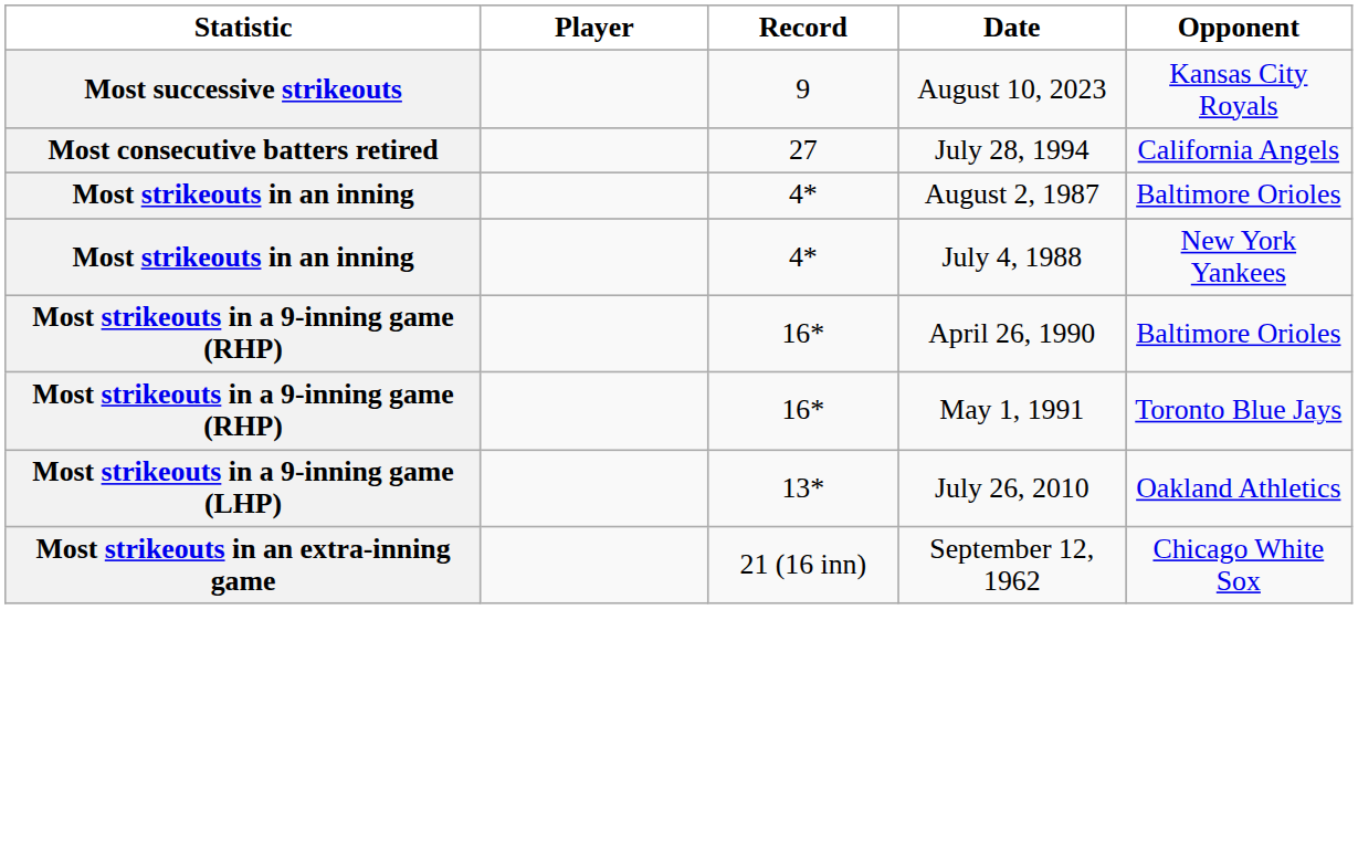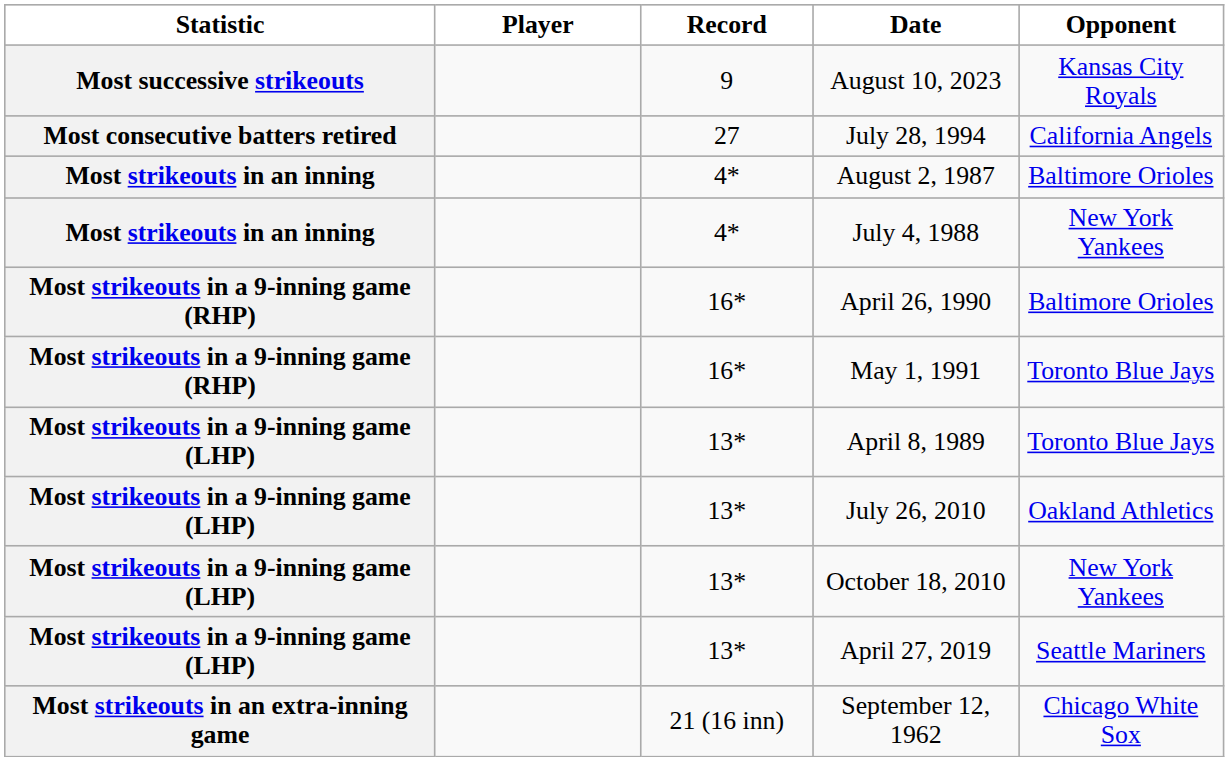 <table class="sortable wikitable plainrowheaders" style="text-align:center">
 <tr>
 <th width="260px" scope="col" style="background-color:#ffffff; border-top:#">Statistic</th>
 <th width="120px" scope="col" style="background-color:#ffffff; border-top:#">Player</th>
 <th width="100px" class="unsortable" scope="col" style="background-color:#ffffff; border-top:#">Record</th>
 <th width="120px" scope="col" style="background-color:#ffffff; border-top:#">Date</th>
 <th width="120px" scope="col" style="background-color:#ffffff; border-top:#">Opponent</th>
 </tr>
 <tr>
 <th scope="row" style="text-align:center">Most successive <a href='#'>strikeouts</a></th>
 <td></td>
 <td>9</td>
 <td>August 10, 2023</td>
 <td><a href='#'>Kansas City Royals</a></td>
 </tr>
 <tr>
 <th scope="row" style="text-align:center">Most consecutive batters retired</th>
 <td></td>
 <td>27</td>
 <td>July 28, 1994</td>
 <td><a href='#'>California Angels</a></td>
 </tr>
 <tr>
 <th scope="row" style="text-align:center">Most <a href='#'>strikeouts</a> in an inning</th>
 <td></td>
 <td>4*</td>
 <td>August 2, 1987</td>
 <td><a href='#'>Baltimore Orioles</a></td>
 </tr>
 <tr>
 <th scope="row" style="text-align:center">Most <a href='#'>strikeouts</a> in an inning</th>
 <td></td>
 <td>4*</td>
 <td>July 4, 1988</td>
 <td><a href='#'>New York Yankees</a></td>
 </tr>
 <tr>
 <th scope="row" style="text-align:center">Most <a href='#'>strikeouts</a> in a 9-inning game (RHP)</th>
 <td></td>
 <td>16*</td>
 <td>April 26, 1990</td>
 <td><a href='#'>Baltimore Orioles</a></td>
 </tr>
 <tr>
 <th scope="row" style="text-align:center">Most <a href='#'>strikeouts</a> in a 9-inning game (RHP)</th>
 <td></td>
 <td>16*</td>
 <td>May 1, 1991</td>
 <td><a href='#'>Toronto Blue Jays</a></td>
 </tr>
 <tr>
 <th scope="row" style="text-align:center">Most <a href='#'>strikeouts</a> in a 9-inning game (LHP)</th>
 <td></td>
 <td>13*</td>
+<td>April 8, 1989</td>
+<td><a href='#'>Toronto Blue Jays</a></td>
+</tr>
+<tr>
+<th scope="row" style="text-align:center">Most <a href='#'>strikeouts</a> in a 9-inning game (LHP)</th>
+<td></td>
+<td>13*</td>
 <td>July 26, 2010</td>
 <td><a href='#'>Oakland Athletics</a></td>
+</tr>
+<tr>
+<th scope="row" style="text-align:center">Most <a href='#'>strikeouts</a> in a 9-inning game (LHP)</th>
+<td></td>
+<td>13*</td>
+<td>October 18, 2010</td>
+<td><a href='#'>New York Yankees</a></td>
+</tr>
+<tr>
+<th scope="row" style="text-align:center">Most <a href='#'>strikeouts</a> in a 9-inning game (LHP)</th>
+<td></td>
+<td>13*</td>
+<td>April 27, 2019</td>
+<td><a href='#'>Seattle Mariners</a></td>
 </tr>
 <tr>
 <th scope="row" style="text-align:center">Most <a href='#'>strikeouts</a> in an extra-inning game</th>
 <td></td>
 <td>21 (16 inn)</td>
 <td>September 12, 1962</td>
 <td><a href='#'>Chicago White Sox</a></td>
 </tr>
 </table>
